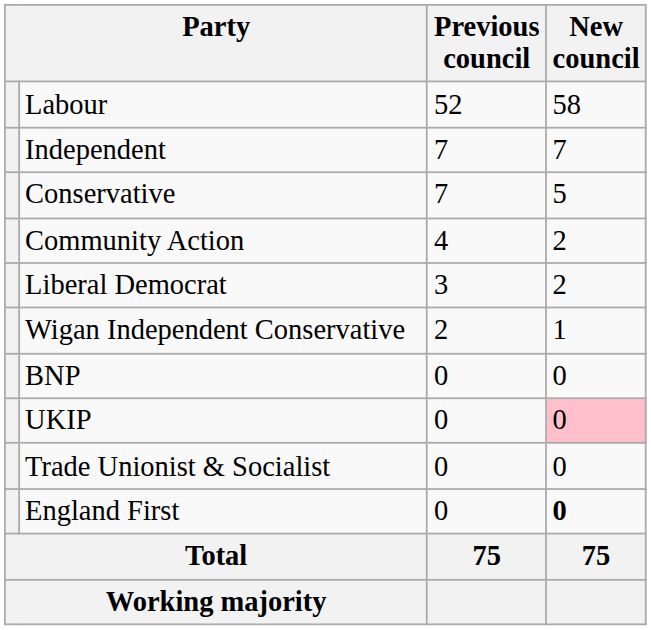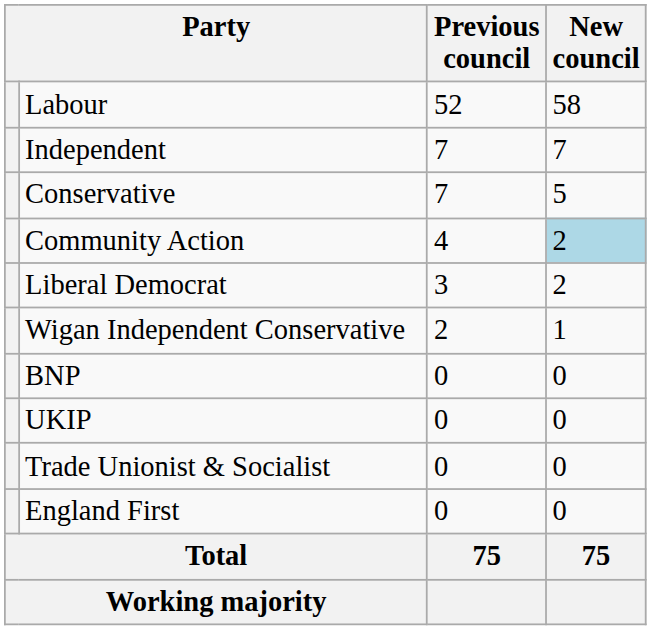 <table class="wikitable">
 <tr>
 <th valign=top colspan="2" style="width: 230px">Party</th>
 <th valign=top style="width: 30px">Previous council</th>
 <th valign=top style="width: 30px">New council</th>
 </tr>
 <tr>
 <th style="background-color: "></th>
 <td>Labour</td>
 <td>52</td>
 <td>58</td>
 </tr>
 <tr>
 <th style="background-color: "></th>
 <td>Independent</td>
 <td>7</td>
 <td>7</td>
 </tr>
 <tr>
 <th style="background-color: "></th>
 <td>Conservative</td>
 <td>7</td>
 <td>5</td>
 </tr>
 <tr>
 <th style="background-color: "></th>
 <td>Community Action</td>
 <td>4</td>
-<td>2</td>
+<td style="background: lightblue;">2</td>
 </tr>
 <tr>
 <th style="background-color: "></th>
 <td>Liberal Democrat</td>
 <td>3</td>
 <td>2</td>
 </tr>
 <tr>
 <th style="background-color: "></th>
 <td>Wigan Independent Conservative</td>
 <td>2</td>
 <td>1</td>
 </tr>
 <tr>
 <th style="background-color: "></th>
 <td>BNP</td>
 <td>0</td>
 <td>0</td>
 </tr>
 <tr>
 <th style="background-color: "></th>
 <td>UKIP</td>
 <td>0</td>
-<td style="background: pink;">0</td>
+<td>0</td>
 </tr>
 <tr>
 <th style="background-color: "></th>
 <td>Trade Unionist & Socialist</td>
 <td>0</td>
 <td>0</td>
 </tr>
 <tr>
 <th style="background-color: "></th>
 <td>England First</td>
 <td>0</td>
-<td><strong>0</strong></td>
+<td>0</td>
 </tr>
 <tr>
 <th colspan=2>Total</th>
 <th style="text-align: center">75</th>
 <th colspan=3>75</th>
 </tr>
 <tr>
 <th colspan=2>Working majority</th>
 <th></th>
 <th></th>
 </tr>
 </table>
